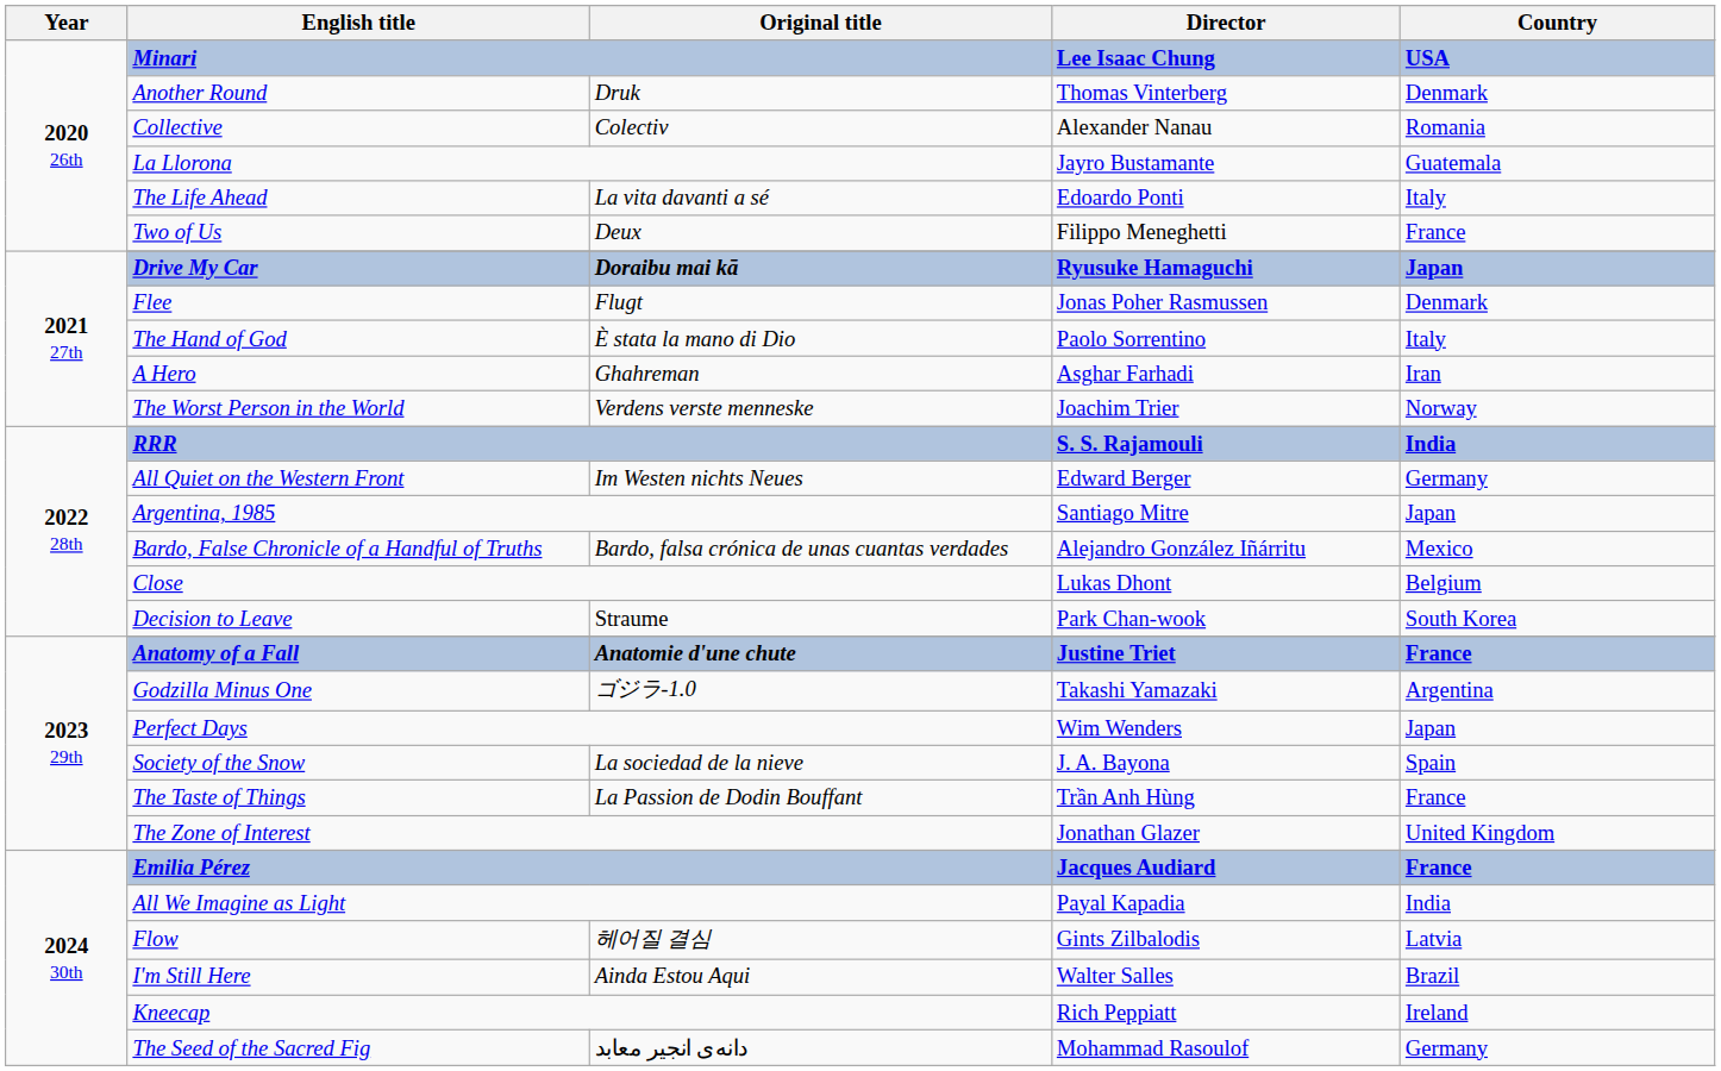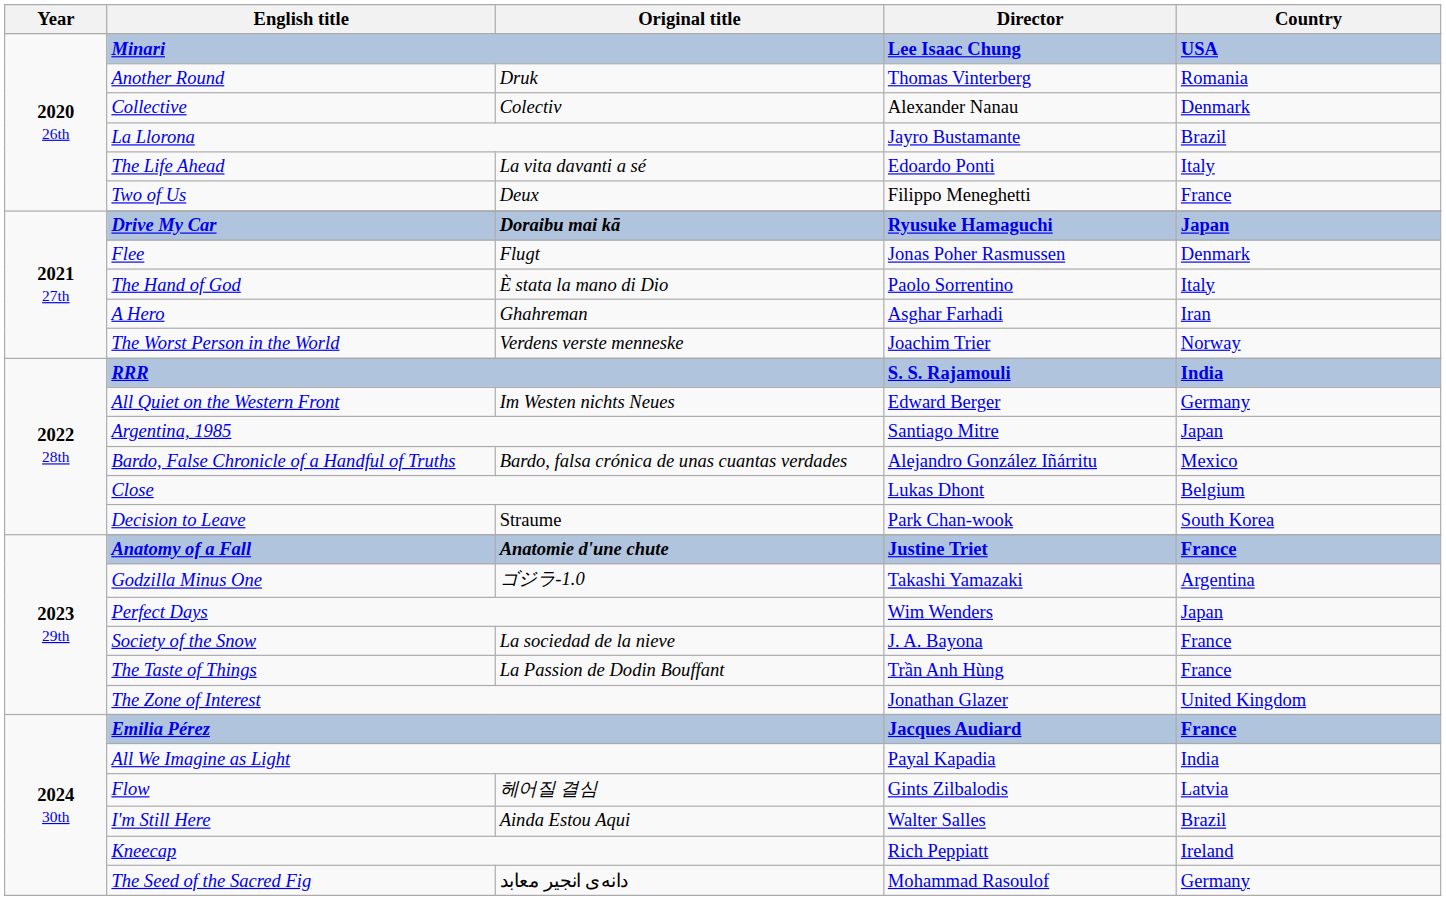 <table class="wikitable" style="width:98%;">
 <tr style="background:#bebebe;">
 <th style="width:7%;">Year</th>
 <th style="width:26.5%;">English title</th>
 <th style="width:26.5%;">Original title</th>
 <th style="width:20%;">Director</th>
 <th style="width:18%;">Country</th>
 </tr>
 <tr>
 <td rowspan=7 style="text-align:center"><strong>2020</strong><br><small><a href='#'>26th</a></small><br></td>
 </tr>
 <tr style="background:#B0C4DE;">
 <td colspan=2><strong><em><a href='#'>Minari</a></em></strong></td>
 <td><strong><a href='#'>Lee Isaac Chung</a></strong></td>
 <td><strong><a href='#'>USA</a></strong></td>
 </tr>
 <tr>
 <td><em><a href='#'>Another Round</a></em></td>
 <td><em>Druk</em></td>
 <td><a href='#'>Thomas Vinterberg</a></td>
-<td><a href='#'>Denmark</a></td>
+<td><a href='#'>Romania</a></td>
 </tr>
 <tr>
 <td><em><a href='#'>Collective</a></em></td>
 <td><em>Colectiv</em></td>
 <td>Alexander Nanau</td>
-<td><a href='#'>Romania</a></td>
+<td><a href='#'>Denmark</a></td>
 </tr>
 <tr>
 <td colspan=2><em><a href='#'>La Llorona</a></em></td>
 <td><a href='#'>Jayro Bustamante</a></td>
-<td><a href='#'>Guatemala</a></td>
+<td><a href='#'>Brazil</a></td>
 </tr>
 <tr>
 <td><em><a href='#'>The Life Ahead</a></em></td>
 <td><em>La vita davanti a sé</em></td>
 <td><a href='#'>Edoardo Ponti</a></td>
 <td><a href='#'>Italy</a></td>
 </tr>
 <tr>
 <td><em><a href='#'>Two of Us</a></em></td>
 <td><em>Deux</em></td>
 <td>Filippo Meneghetti</td>
 <td><a href='#'>France</a></td>
 </tr>
 <tr>
 <td rowspan="6" style="text-align:center;"><strong>2021</strong><br><small><a href='#'>27th</a></small></td>
 </tr>
 <tr style="background:#B0C4DE;">
 <td><strong><em><a href='#'>Drive My Car</a></em></strong></td>
 <td><strong><em>Doraibu mai kā</em></strong></td>
 <td><strong><a href='#'>Ryusuke Hamaguchi</a></strong></td>
 <td><strong><a href='#'>Japan</a></strong></td>
 </tr>
 <tr>
 <td><em><a href='#'>Flee</a></em></td>
 <td><em>Flugt</em></td>
 <td><a href='#'>Jonas Poher Rasmussen</a></td>
 <td><a href='#'>Denmark</a></td>
 </tr>
 <tr>
 <td><em><a href='#'>The Hand of God</a></em></td>
 <td><em>È stata la mano di Dio</em></td>
 <td><a href='#'>Paolo Sorrentino</a></td>
 <td><a href='#'>Italy</a></td>
 </tr>
 <tr>
 <td><em><a href='#'>A Hero</a></em></td>
 <td><em>Ghahreman</em></td>
 <td><a href='#'>Asghar Farhadi</a></td>
 <td><a href='#'>Iran</a></td>
 </tr>
 <tr>
 <td><em><a href='#'>The Worst Person in the World</a></em></td>
 <td><em>Verdens verste menneske</em></td>
 <td><a href='#'>Joachim Trier</a></td>
 <td><a href='#'>Norway</a></td>
 </tr>
 <tr>
 <td rowspan="7" style="text-align:center;"><strong>2022</strong><br><small><a href='#'>28th</a></small></td>
 </tr>
 <tr style="background:#B0C4DE;">
 <td colspan=2><strong><em><a href='#'>RRR</a></em></strong></td>
 <td><strong><a href='#'>S. S. Rajamouli</a></strong></td>
 <td><strong><a href='#'>India</a></strong></td>
 </tr>
 <tr>
 <td><em><a href='#'>All Quiet on the Western Front</a></em></td>
 <td><em>Im Westen nichts Neues</em></td>
 <td><a href='#'>Edward Berger</a></td>
 <td><a href='#'>Germany</a></td>
 </tr>
 <tr>
 <td colspan=2><em><a href='#'>Argentina, 1985</a></em></td>
 <td><a href='#'>Santiago Mitre</a></td>
 <td><a href='#'>Japan</a></td>
 </tr>
 <tr>
 <td><em><a href='#'>Bardo, False Chronicle of a Handful of Truths</a></em></td>
 <td><em>Bardo, falsa crónica de unas cuantas verdades</em></td>
 <td><a href='#'>Alejandro González Iñárritu</a></td>
 <td><a href='#'>Mexico</a></td>
 </tr>
 <tr>
 <td colspan=2><em><a href='#'>Close</a></em></td>
 <td><a href='#'>Lukas Dhont</a></td>
 <td><a href='#'>Belgium</a></td>
 </tr>
 <tr>
 <td><em><a href='#'>Decision to Leave</a></em></td>
 <td>Straume</td>
 <td><a href='#'>Park Chan-wook</a></td>
 <td><a href='#'>South Korea</a></td>
 </tr>
 <tr>
 <td rowspan="7" style="text-align:center;"><strong>2023</strong><br><small><a href='#'>29th</a></small></td>
 </tr>
 <tr style="background:#B0C4DE;">
 <td><strong><em><a href='#'>Anatomy of a Fall</a></em></strong></td>
 <td><strong><em>Anatomie d'une chute</em></strong></td>
 <td><strong><a href='#'>Justine Triet</a></strong></td>
 <td><strong><a href='#'>France</a></strong></td>
 </tr>
 <tr>
 <td><em><a href='#'>Godzilla Minus One</a></em></td>
 <td><em>ゴジラ-1.0</em></td>
 <td><a href='#'>Takashi Yamazaki</a></td>
 <td><a href='#'>Argentina</a></td>
 </tr>
 <tr>
 <td colspan=2><em><a href='#'>Perfect Days</a></em></td>
 <td><a href='#'>Wim Wenders</a></td>
 <td><a href='#'>Japan</a></td>
 </tr>
 <tr>
 <td><em><a href='#'>Society of the Snow</a></em></td>
 <td><em>La sociedad de la nieve</em></td>
 <td><a href='#'>J. A. Bayona</a></td>
-<td><a href='#'>Spain</a></td>
+<td><a href='#'>France</a></td>
 </tr>
 <tr>
 <td><em><a href='#'>The Taste of Things</a></em></td>
 <td><em>La Passion de Dodin Bouffant</em></td>
 <td><a href='#'>Trần Anh Hùng</a></td>
 <td><a href='#'>France</a></td>
 </tr>
 <tr>
 <td colspan=2><em><a href='#'>The Zone of Interest</a></em></td>
 <td><a href='#'>Jonathan Glazer</a></td>
 <td><a href='#'>United Kingdom</a></td>
 </tr>
 <tr>
 <td rowspan="7" style="text-align:center;"><strong>2024</strong><br><small><a href='#'>30th</a></small></td>
 </tr>
 <tr style="background:#B0C4DE;">
 <td colspan=2><strong><em><a href='#'>Emilia Pérez</a></em></strong></td>
 <td><strong><a href='#'>Jacques Audiard</a></strong></td>
 <td><strong><a href='#'>France</a></strong></td>
 </tr>
 <tr>
 <td colspan=2><em><a href='#'>All We Imagine as Light</a></em></td>
 <td><a href='#'>Payal Kapadia</a></td>
 <td><a href='#'>India</a></td>
 </tr>
 <tr>
 <td><em><a href='#'>Flow</a></em></td>
 <td><em>헤어질 결심</em></td>
 <td><a href='#'>Gints Zilbalodis</a></td>
 <td><a href='#'>Latvia</a></td>
 </tr>
 <tr>
 <td><em><a href='#'>I'm Still Here</a></em></td>
 <td><em>Ainda Estou Aqui</em></td>
 <td><a href='#'>Walter Salles</a></td>
 <td><a href='#'>Brazil</a></td>
 </tr>
 <tr>
 <td colspan=2><em><a href='#'>Kneecap</a></em></td>
 <td><a href='#'>Rich Peppiatt</a></td>
 <td><a href='#'>Ireland</a></td>
 </tr>
 <tr>
 <td><em><a href='#'>The Seed of the Sacred Fig</a></em></td>
 <td>دانه‌ی انجیر معابد</td>
 <td><a href='#'>Mohammad Rasoulof</a></td>
 <td><a href='#'>Germany</a></td>
 </tr>
 <tr>
 </tr>
 </table>
